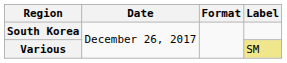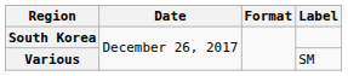 <table class="wikitable plainrowheaders">
 <tr>
 <th>Region</th>
 <th>Date</th>
 <th>Format</th>
 <th>Label</th>
 </tr>
 <tr>
 <th scope="row">South Korea</th>
 <td rowspan="2">December 26, 2017</td>
 <td rowspan="2"></td>
 <td></td>
 </tr>
 <tr>
 <th scope="row">Various</th>
-<td style="background: khaki;">SM</td>
+<td>SM</td>
 </tr>
 </table>
